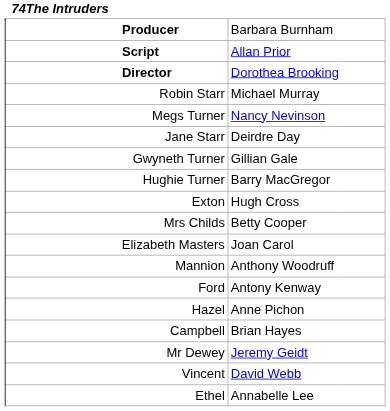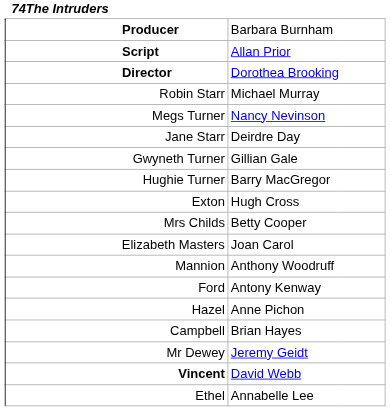 <table class="wikitable mw-collapsible mw-collapsed" style="vertical-align:top;margin:auto 2em;line-height:1.2;min-width:33em;display: inline-table;background-color:inherit;border:none;">
 <tr>
 <td class=unsortable style="border:hidden;line-height:1.67;text-align:center;margin-left:-1em;padding-left:0.5em;min-width:1.0em;"></td>
 <td class=unsortable style="border:none;padding-left:0.5em;text-align:left;min-width:16.5em;font-weight:700;font-style:italic;">74The Intruders</td>
 <td class=unsortable style="border:none;text-align:right;font-weight:normal;font-family:Courier;font-size:95%;letter-spacing:-1pt;min-width:8.5em;padding-right:0.2em;"></td>
 <td class=unsortable style="border:hidden;min-width:3.5em;padding-left:0;"></td>
 <td class=unsortable style="border:hidden;min-width:3.5em;font-size:95%;"></td>
 </tr>
 <tr>
 <td rowspan=100 style="border:none thin;border-right-style :solid;"></td>
 </tr>
 <tr>
 <td style="text-align:left;padding-left:9.0em;font-weight:bold;">Producer</td>
 <td colspan=2>Barbara Burnham</td>
 </tr>
 <tr>
 <td style="text-align:left;padding-left:9.0em;font-weight:bold;">Script</td>
 <td colspan=2><a href='#'>Allan Prior</a></td>
 </tr>
 <tr>
 <td style="text-align:left;padding-left:9.0em;font-weight:bold;">Director</td>
 <td colspan=2><a href='#'>Dorothea Brooking</a></td>
 </tr>
 <tr>
 <td style="text-align:right;">Robin Starr</td>
 <td colspan=2>Michael Murray</td>
 </tr>
 <tr>
 <td style="text-align:right;">Megs Turner</td>
 <td colspan=2><a href='#'>Nancy Nevinson</a></td>
 </tr>
 <tr>
 <td style="text-align:right;">Jane Starr</td>
 <td colspan=2>Deirdre Day</td>
 </tr>
 <tr>
 <td style="text-align:right;">Gwyneth Turner</td>
 <td colspan=2>Gillian Gale</td>
 </tr>
 <tr>
 <td style="text-align:right;">Hughie Turner</td>
 <td colspan=2>Barry MacGregor</td>
 </tr>
 <tr>
 <td style="text-align:right;">Exton</td>
 <td colspan=2>Hugh Cross</td>
 </tr>
 <tr>
 <td style="text-align:right;">Mrs Childs</td>
 <td colspan=2>Betty Cooper</td>
 </tr>
 <tr>
 <td style="text-align:right;">Elizabeth Masters</td>
 <td colspan=2>Joan Carol</td>
 </tr>
 <tr>
 <td style="text-align:right;">Mannion</td>
 <td colspan=2>Anthony Woodruff</td>
 </tr>
 <tr>
 <td style="text-align:right;">Ford</td>
 <td colspan=2>Antony Kenway</td>
 </tr>
 <tr>
 <td style="text-align:right;">Hazel</td>
 <td colspan=2>Anne Pichon</td>
 </tr>
 <tr>
 <td style="text-align:right;">Campbell</td>
 <td colspan=2>Brian Hayes</td>
 </tr>
 <tr>
 <td style="text-align:right;">Mr Dewey</td>
 <td colspan=2><a href='#'>Jeremy Geidt</a></td>
 </tr>
 <tr>
-<td style="text-align:right;">Vincent</td>
+<td style="text-align:right;"><strong>Vincent</strong></td>
 <td colspan=2><a href='#'>David Webb</a></td>
 </tr>
 <tr>
 <td style="text-align:right;">Ethel</td>
 <td colspan=2>Annabelle Lee</td>
 </tr>
 </table>
